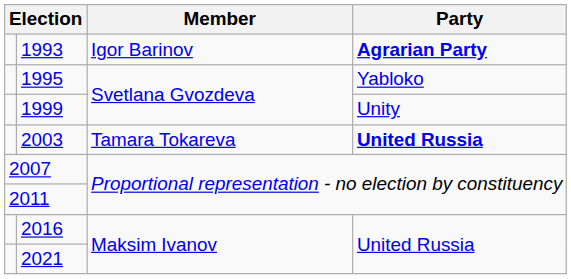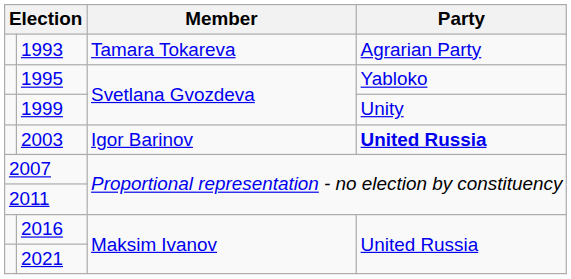 <table class="wikitable">
 <tr>
 <th colspan="2">Election</th>
 <th>Member</th>
 <th>Party</th>
 </tr>
 <tr>
 <td style="background-color:"></td>
 <td><a href='#'>1993</a></td>
-<td><a href='#'>Igor Barinov</a></td>
-<td><strong><a href='#'>Agrarian Party</a></strong></td>
+<td><a href='#'>Tamara Tokareva</a></td>
+<td><a href='#'>Agrarian Party</a></td>
 </tr>
 <tr>
 <td style="background-color:"></td>
 <td><a href='#'>1995</a></td>
 <td rowspan=2><a href='#'>Svetlana Gvozdeva</a></td>
 <td><a href='#'>Yabloko</a></td>
 </tr>
 <tr>
 <td style="background-color:"></td>
 <td><a href='#'>1999</a></td>
 <td><a href='#'>Unity</a></td>
 </tr>
 <tr>
 <td style="background-color:"></td>
 <td><a href='#'>2003</a></td>
-<td><a href='#'>Tamara Tokareva</a></td>
+<td><a href='#'>Igor Barinov</a></td>
 <td><strong><a href='#'>United Russia</a></strong></td>
 </tr>
 <tr>
 <td colspan=2><a href='#'>2007</a></td>
 <td colspan=2 rowspan=2><em><a href='#'>Proportional representation</a> - no election by constituency</em></td>
 </tr>
 <tr>
 <td colspan=2><a href='#'>2011</a></td>
 </tr>
 <tr>
 <td style="background-color: "></td>
 <td><a href='#'>2016</a></td>
 <td rowspan=2><a href='#'>Maksim Ivanov</a></td>
 <td rowspan=2><a href='#'>United Russia</a></td>
 </tr>
 <tr>
 <td style="background-color: "></td>
 <td><a href='#'>2021</a></td>
 </tr>
 </table>
